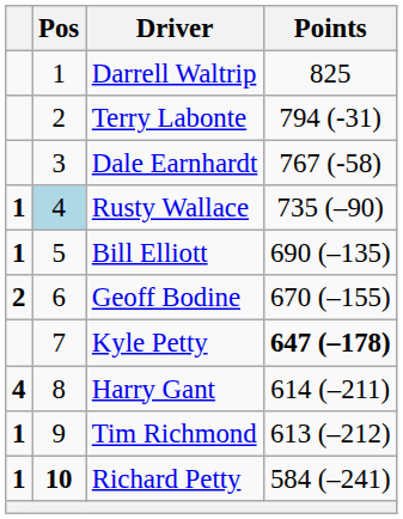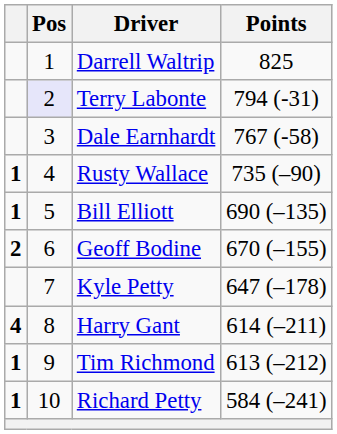 <table class="wikitable" style="font-size: 95%;">
 <tr>
 <th></th>
 <th>Pos</th>
 <th>Driver</th>
 <th>Points</th>
 </tr>
 <tr>
 <td align="left"></td>
 <td style="text-align:center;">1</td>
 <td><a href='#'>Darrell Waltrip</a></td>
 <td style="text-align:center;">825</td>
 </tr>
 <tr>
 <td align="left"></td>
-<td style="text-align:center;">2</td>
+<td style="background: lavender; text-align:center;">2</td>
 <td><a href='#'>Terry Labonte</a></td>
 <td style="text-align:center;">794 (-31)</td>
 </tr>
 <tr>
 <td align="left"></td>
 <td style="text-align:center;">3</td>
 <td><a href='#'>Dale Earnhardt</a></td>
 <td style="text-align:center;">767 (-58)</td>
 </tr>
 <tr>
 <td align="left">  <strong>1</strong></td>
-<td style="background: lightblue; text-align:center;">4</td>
+<td style="text-align:center;">4</td>
 <td><a href='#'>Rusty Wallace</a></td>
 <td style="text-align:center;">735 (–90)</td>
 </tr>
 <tr>
 <td align="left">  <strong>1</strong></td>
 <td style="text-align:center;">5</td>
 <td><a href='#'>Bill Elliott</a></td>
 <td style="text-align:center;">690 (–135)</td>
 </tr>
 <tr>
 <td align="left">  <strong>2</strong></td>
 <td style="text-align:center;">6</td>
 <td><a href='#'>Geoff Bodine</a></td>
 <td style="text-align:center;">670 (–155)</td>
 </tr>
 <tr>
 <td align="left"></td>
 <td style="text-align:center;">7</td>
 <td><a href='#'>Kyle Petty</a></td>
-<td style="text-align:center;"><strong>647 (–178)</strong></td>
+<td style="text-align:center;">647 (–178)</td>
 </tr>
 <tr>
 <td align="left">  <strong>4</strong></td>
 <td style="text-align:center;">8</td>
 <td><a href='#'>Harry Gant</a></td>
 <td style="text-align:center;">614 (–211)</td>
 </tr>
 <tr>
 <td align="left">  <strong>1</strong></td>
 <td style="text-align:center;">9</td>
 <td><a href='#'>Tim Richmond</a></td>
 <td style="text-align:center;">613 (–212)</td>
 </tr>
 <tr>
 <td align="left">  <strong>1</strong></td>
-<td style="text-align:center;"><strong>10</strong></td>
+<td style="text-align:center;">10</td>
 <td><a href='#'>Richard Petty</a></td>
 <td style="text-align:center;">584 (–241)</td>
 </tr>
 <tr class="sortbottom">
 <th colspan="9"></th>
 </tr>
 </table>
